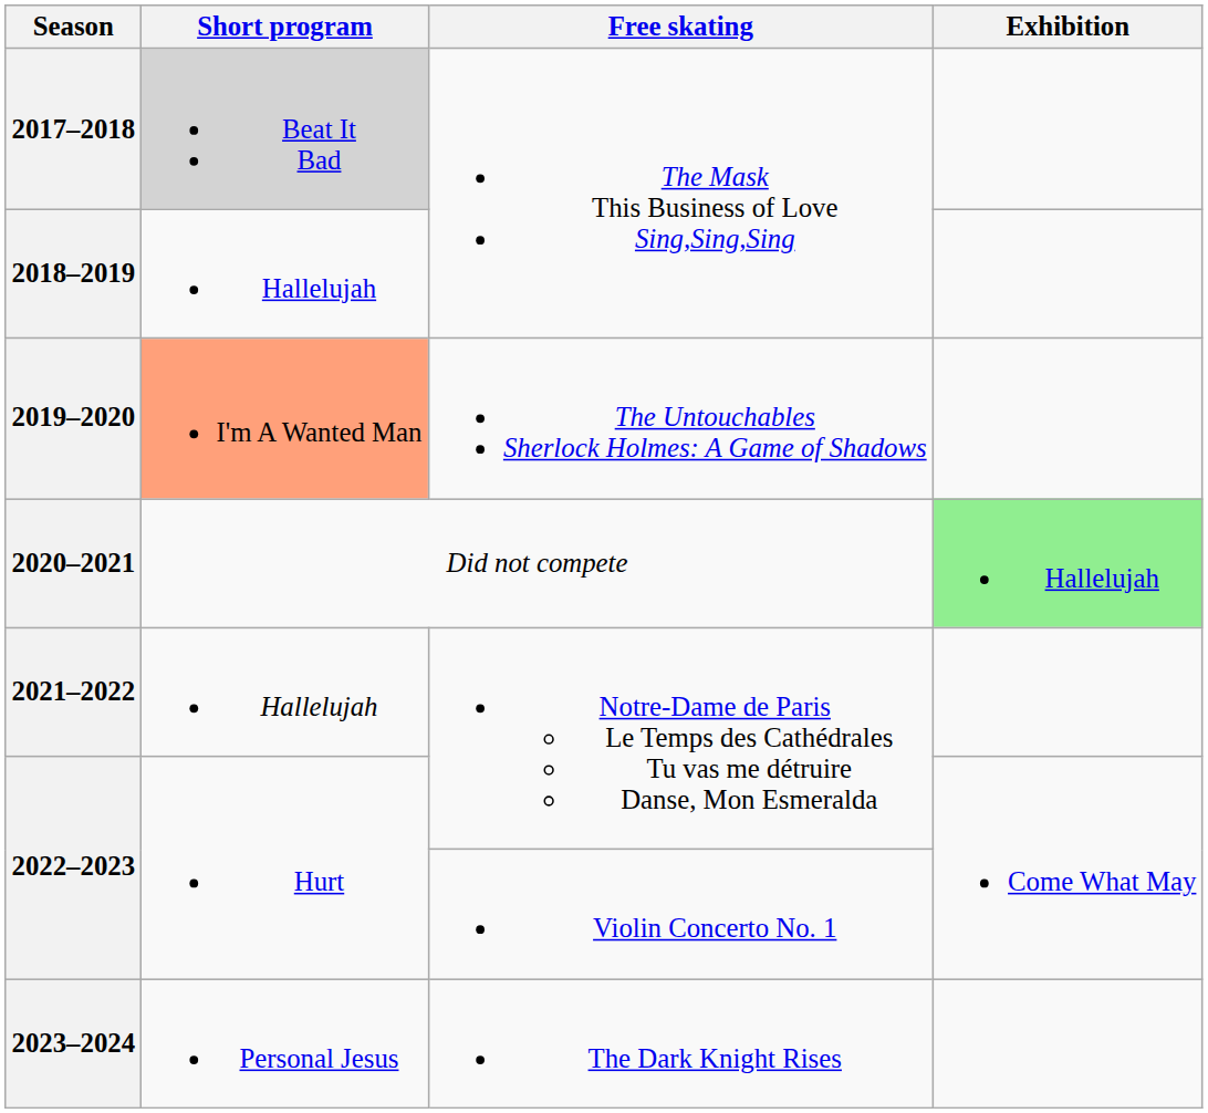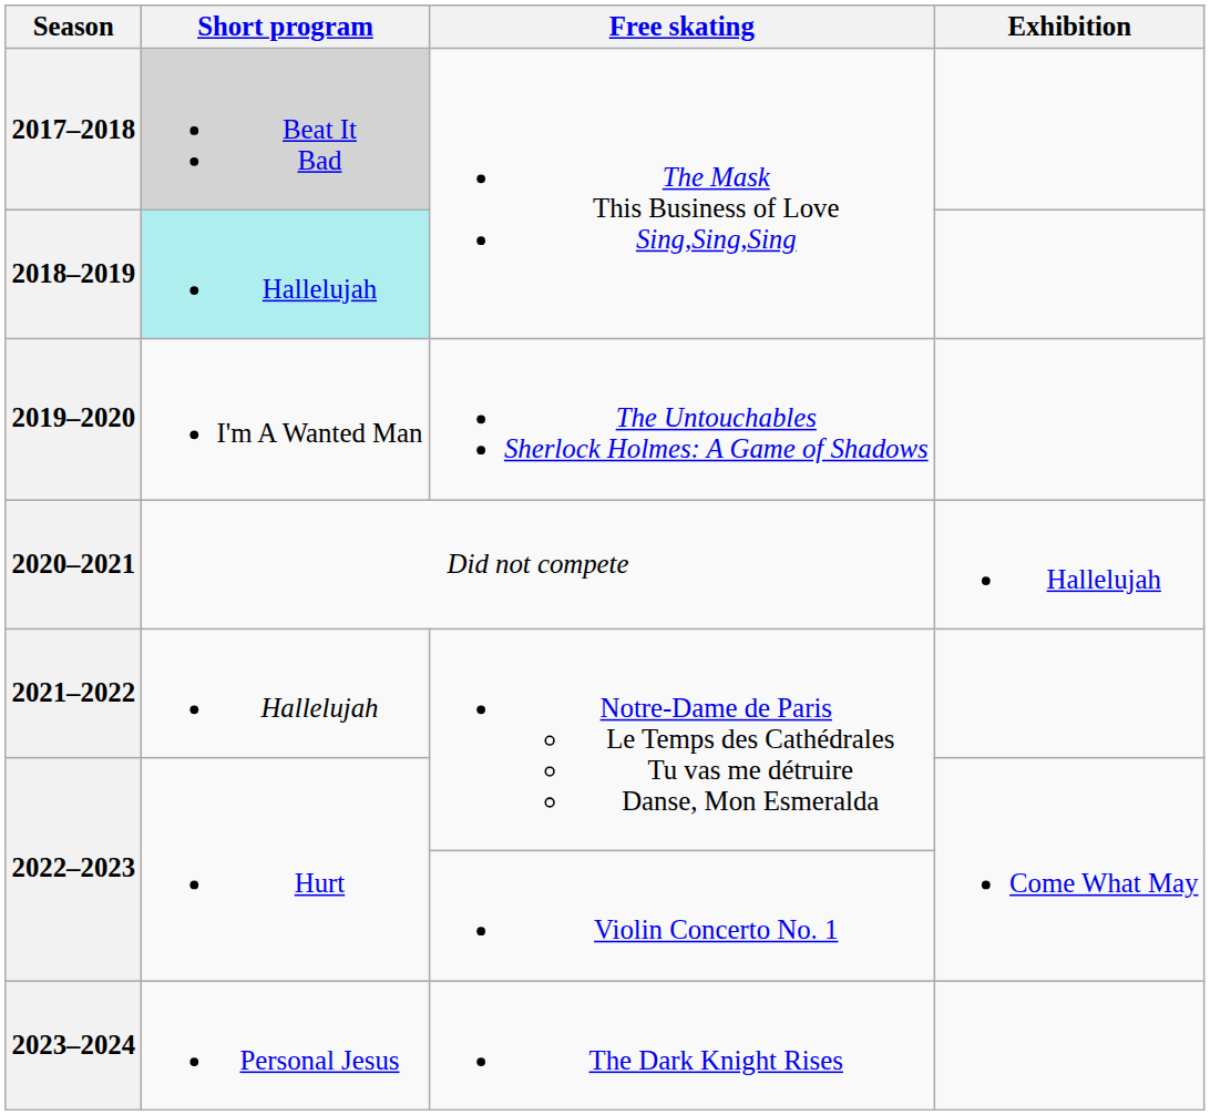 <table class="wikitable" style="text-align:center">
 <tr>
 <th>Season</th>
 <th><a href='#'>Short program</a></th>
 <th><a href='#'>Free skating</a></th>
 <th>Exhibition</th>
 </tr>
 <tr>
 <th>2017–2018 <br> </th>
 <td style="background: lightgrey;"><br><ul><li><a href='#'>Beat It</a></li><li><a href='#'>Bad</a> <br> </li></ul></td>
 <td rowspan="2"><br><ul><li><em><a href='#'>The Mask</a></em> <br> This Business of Love <br> </li><li><em><a href='#'>Sing,Sing,Sing</a></em> <br> </li></ul></td>
 <td></td>
 </tr>
 <tr>
 <th>2018–2019 <br> </th>
-<td><br><ul><li><a href='#'>Hallelujah</a> <br> </li></ul></td>
+<td style="background: paleturquoise;"><br><ul><li><a href='#'>Hallelujah</a> <br> </li></ul></td>
 <td></td>
 </tr>
 <tr>
 <th>2019–2020 <br> </th>
-<td style="background: lightsalmon;"><br><ul><li>I'm A Wanted Man <br> </li></ul></td>
+<td><br><ul><li>I'm A Wanted Man <br> </li></ul></td>
 <td><br><ul><li><em><a href='#'>The Untouchables</a></em> <br> </li><li><em><a href='#'>Sherlock Holmes: A Game of Shadows</a></em> <br> </li></ul></td>
 <td></td>
 </tr>
 <tr>
 <th>2020–2021</th>
 <td colspan="2"><em>Did not compete</em></td>
-<td style="background: lightgreen;"><br><ul><li><a href='#'>Hallelujah</a> <br> </li></ul></td>
+<td><br><ul><li><a href='#'>Hallelujah</a> <br> </li></ul></td>
 </tr>
 <tr>
 <th>2021–2022 <br> </th>
 <td><br><ul><li><em>Hallelujah</em></li></ul></td>
 <td rowspan="2"><br><ul><li><a href='#'>Notre-Dame de Paris</a> <br><ul><li>Le Temps des Cathédrales <br></li><li>Tu vas me détruire <br></li><li>Danse, Mon Esmeralda <br></li></ul></li></ul></td>
 <td></td>
 </tr>
 <tr>
 <th rowspan="2">2022–2023 <br> </th>
 <td rowspan="2"><br><ul><li><a href='#'>Hurt</a> <br> </li></ul></td>
 <td rowspan="2"><br><ul><li><a href='#'>Come What May</a> <br></li></ul></td>
 </tr>
 <tr>
 <td><br><ul><li><a href='#'>Violin Concerto No. 1</a> <br> </li></ul></td>
 </tr>
 <tr>
 <th>2023–2024 <br> </th>
 <td><br><ul><li><a href='#'>Personal Jesus</a> <br> </li></ul></td>
 <td><br><ul><li><a href='#'>The Dark Knight Rises</a> <br> </li></ul></td>
 <td></td>
 </tr>
 </table>
